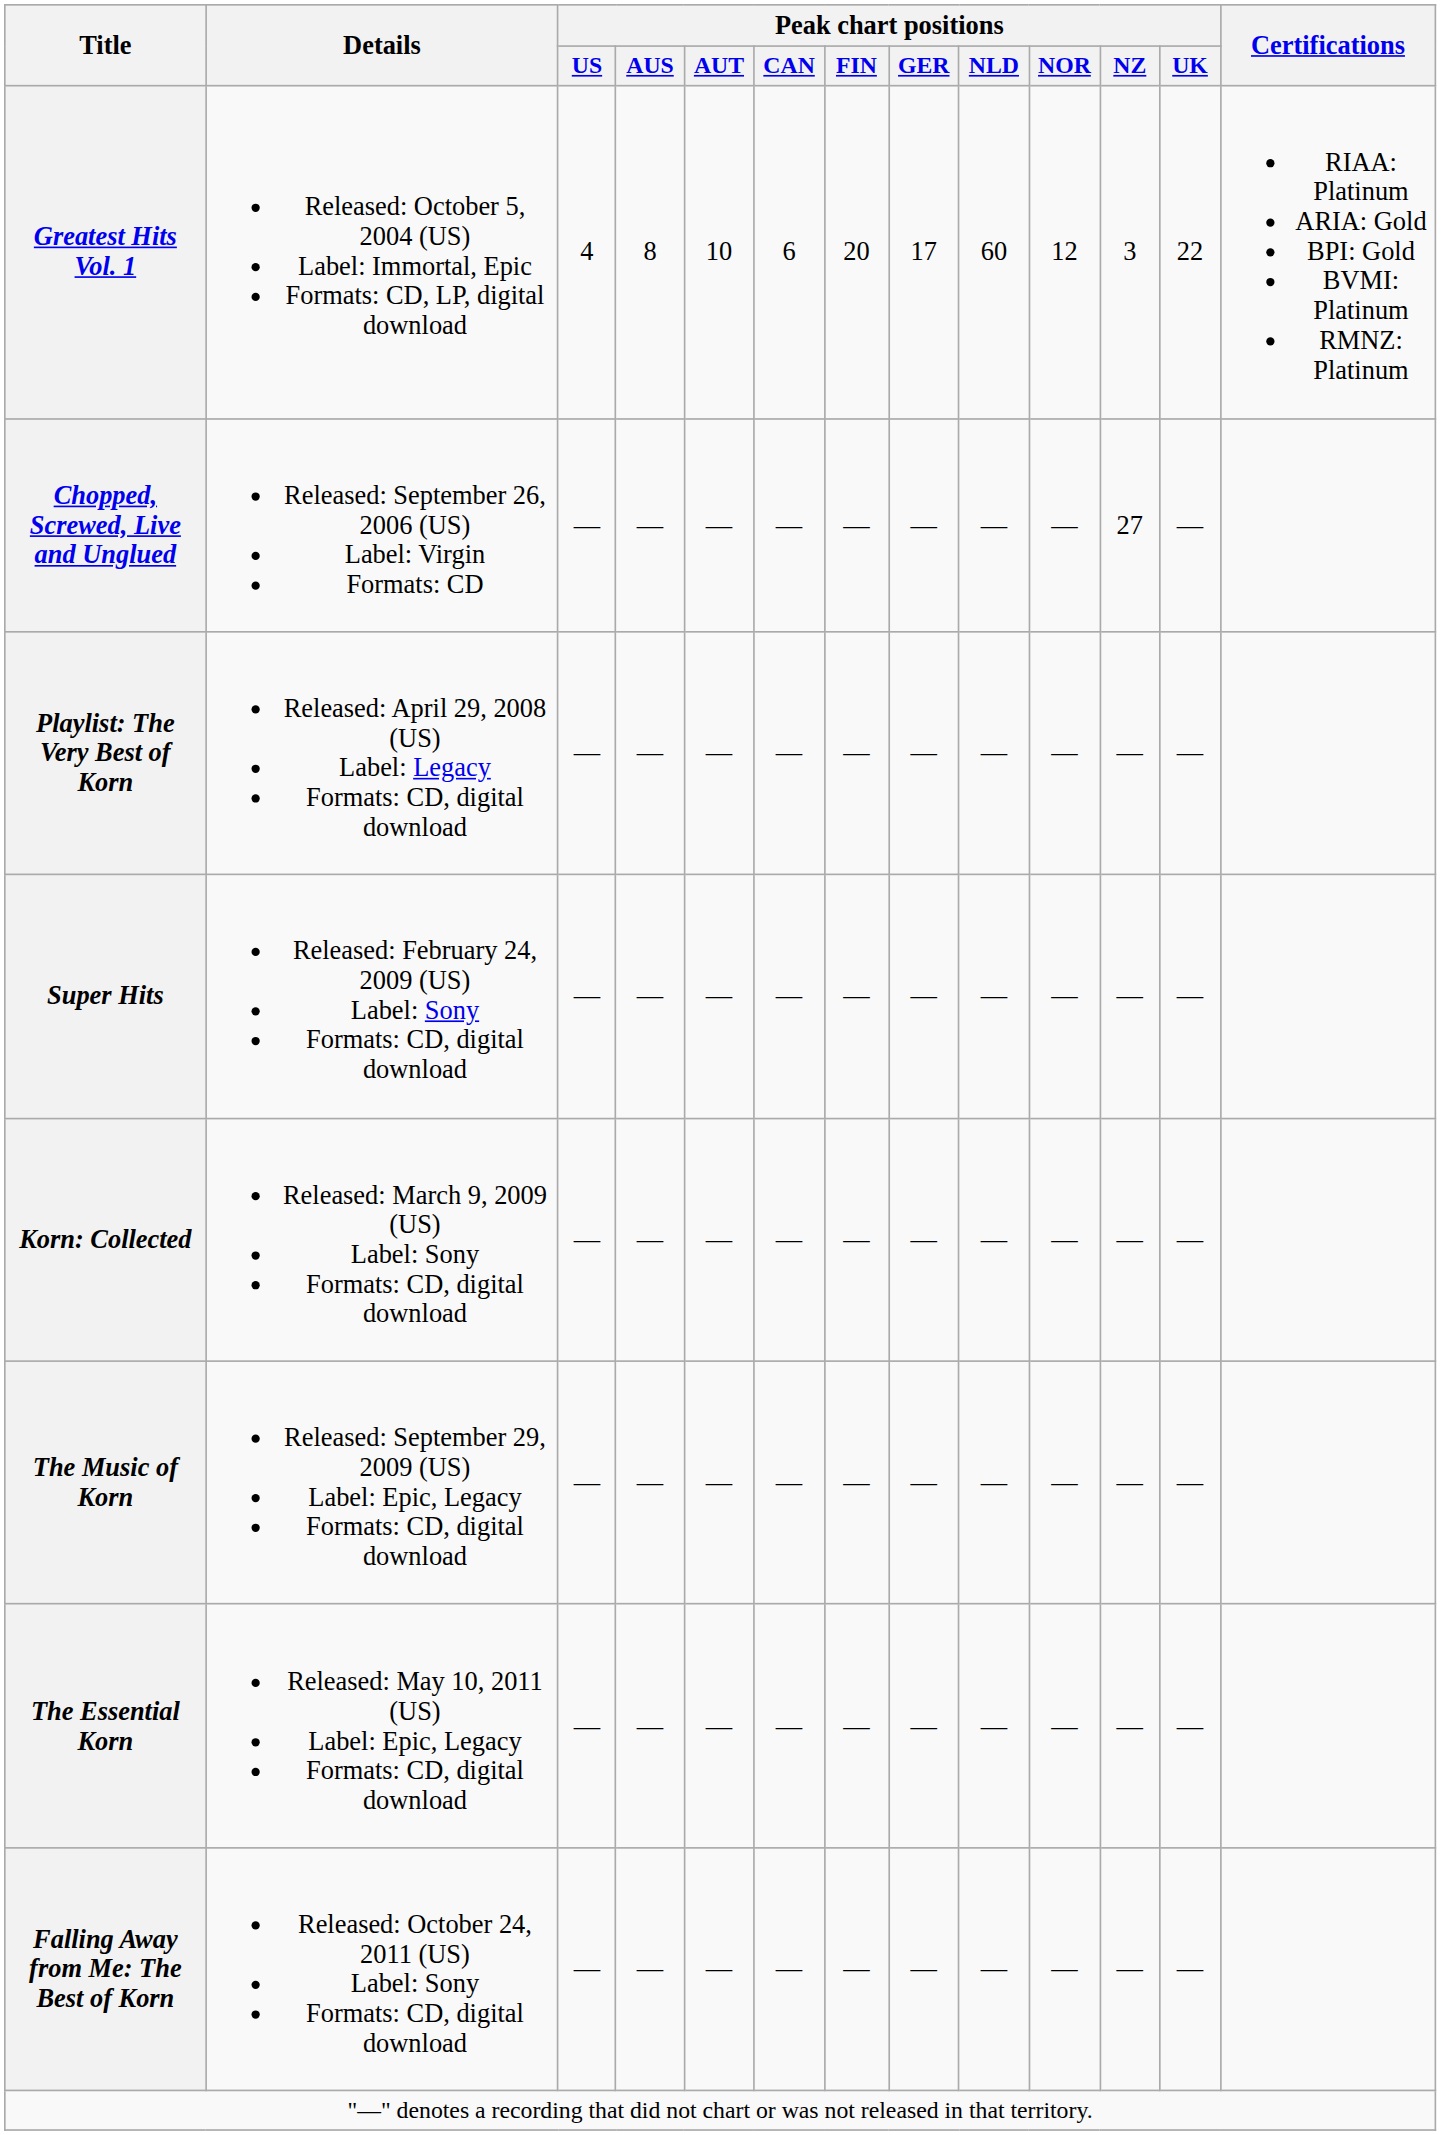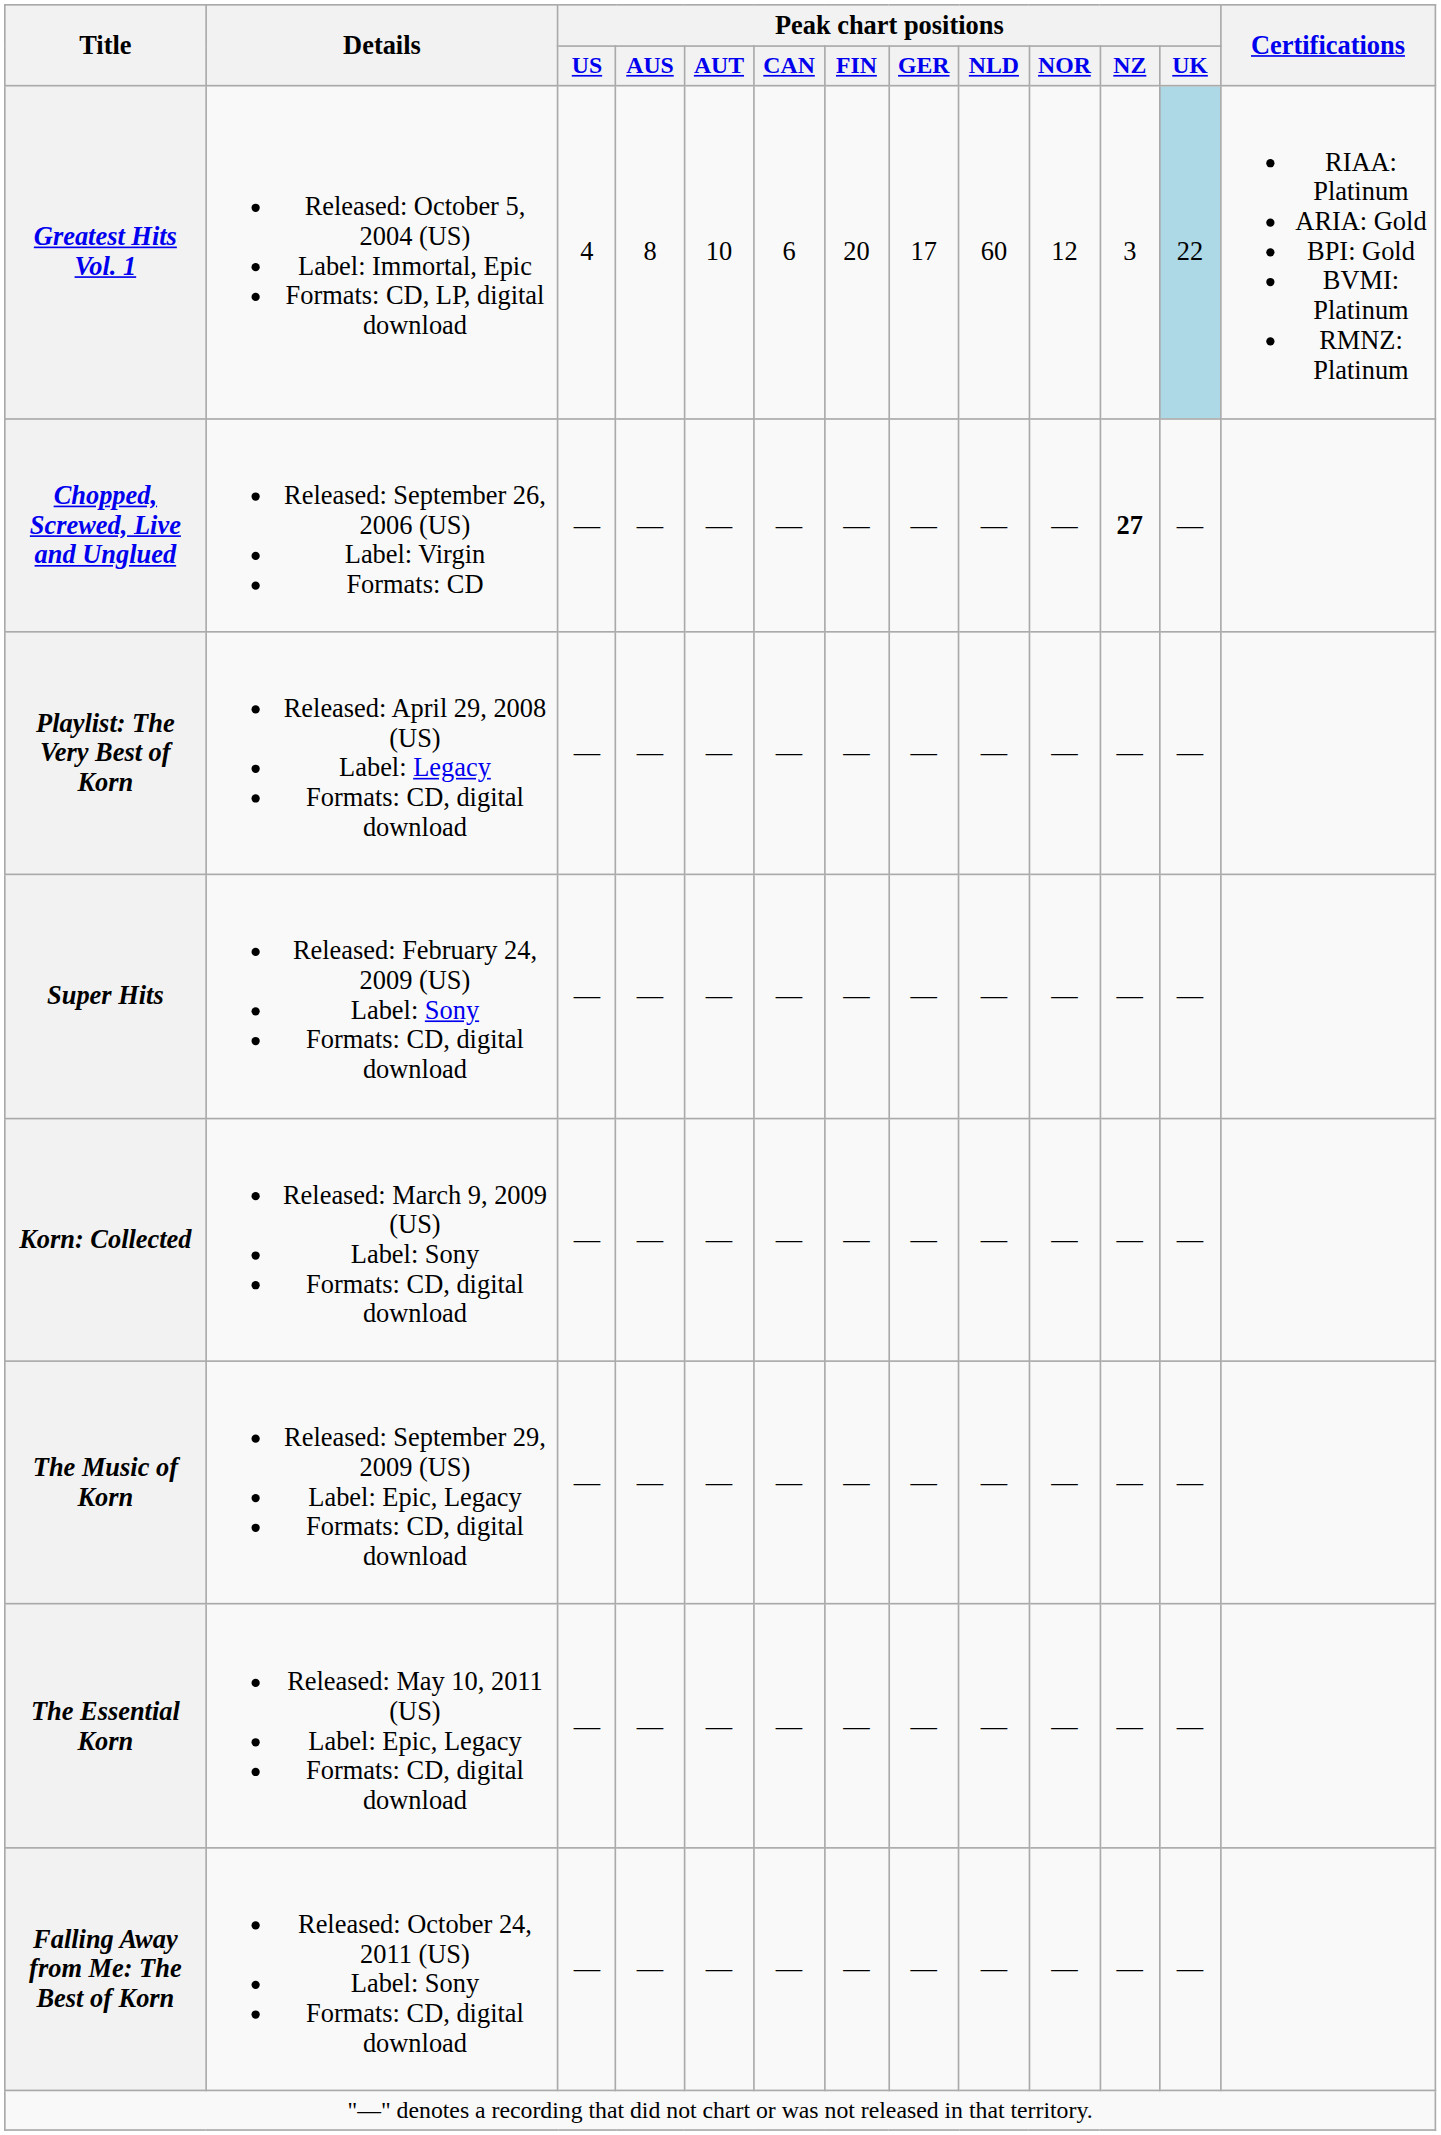 <table class="wikitable plainrowheaders" style="text-align:center;">
 <tr>
 <th scope="col" rowspan="2" style="width:12em;">Title</th>
 <th scope="col" rowspan="2" style="width:22em;">Details</th>
 <th scope="col" colspan="10">Peak chart positions</th>
 <th scope="col" rowspan="2" style="width:10em;"><a href='#'>Certifications</a></th>
 </tr>
 <tr>
 <th scope="col" style="width:3em;font-size:90%;"><a href='#'>US</a><br></th>
 <th scope="col" style="width:3em;font-size:90%;"><a href='#'>AUS</a><br></th>
 <th scope="col" style="width:3em;font-size:90%;"><a href='#'>AUT</a><br></th>
 <th scope="col" style="width:3em;font-size:90%;"><a href='#'>CAN</a><br></th>
 <th scope="col" style="width:3em;font-size:90%;"><a href='#'>FIN</a><br></th>
 <th scope="col" style="width:3em;font-size:90%;"><a href='#'>GER</a><br></th>
 <th scope="col" style="width:3em;font-size:90%;"><a href='#'>NLD</a><br></th>
 <th scope="col" style="width:3em;font-size:90%;"><a href='#'>NOR</a><br></th>
 <th scope="col" style="width:3em;font-size:90%;"><a href='#'>NZ</a><br></th>
 <th scope="col" style="width:3em;font-size:90%;"><a href='#'>UK</a><br></th>
 </tr>
 <tr>
 <th scope="row"><em><a href='#'>Greatest Hits Vol. 1</a></em></th>
 <td><br><ul><li>Released: October 5, 2004 <span>(US)</span></li><li>Label: Immortal, Epic</li><li>Formats: CD, LP, digital download</li></ul></td>
 <td>4</td>
 <td>8</td>
 <td>10</td>
 <td>6</td>
 <td>20</td>
 <td>17</td>
 <td>60</td>
 <td>12</td>
 <td>3</td>
-<td>22</td>
+<td style="background: lightblue;">22</td>
 <td><br><ul><li>RIAA: Platinum</li><li>ARIA: Gold</li><li>BPI: Gold</li><li>BVMI: Platinum</li><li>RMNZ: Platinum</li></ul></td>
 </tr>
 <tr>
 <th scope="row"><em><a href='#'>Chopped, Screwed, Live and Unglued</a></em></th>
 <td><br><ul><li>Released: September 26, 2006 <span>(US)</span></li><li>Label: Virgin</li><li>Formats: CD</li></ul></td>
 <td>—</td>
 <td>—</td>
 <td>—</td>
 <td>—</td>
 <td>—</td>
 <td>—</td>
 <td>—</td>
 <td>—</td>
-<td>27</td>
+<td><strong>27</strong></td>
 <td>—</td>
 <td></td>
 </tr>
 <tr>
 <th scope="row"><em>Playlist: The Very Best of Korn</em></th>
 <td><br><ul><li>Released: April 29, 2008 <span>(US)</span></li><li>Label: <a href='#'>Legacy</a></li><li>Formats: CD, digital download</li></ul></td>
 <td>—</td>
 <td>—</td>
 <td>—</td>
 <td>—</td>
 <td>—</td>
 <td>—</td>
 <td>—</td>
 <td>—</td>
 <td>—</td>
 <td>—</td>
 <td></td>
 </tr>
 <tr>
 <th scope="row"><em>Super Hits</em></th>
 <td><br><ul><li>Released: February 24, 2009 <span>(US)</span></li><li>Label: <a href='#'>Sony</a></li><li>Formats: CD, digital download</li></ul></td>
 <td>—</td>
 <td>—</td>
 <td>—</td>
 <td>—</td>
 <td>—</td>
 <td>—</td>
 <td>—</td>
 <td>—</td>
 <td>—</td>
 <td>—</td>
 <td></td>
 </tr>
 <tr>
 <th scope="row"><em>Korn: Collected</em></th>
 <td><br><ul><li>Released: March 9, 2009 <span>(US)</span></li><li>Label: Sony</li><li>Formats: CD, digital download</li></ul></td>
 <td>—</td>
 <td>—</td>
 <td>—</td>
 <td>—</td>
 <td>—</td>
 <td>—</td>
 <td>—</td>
 <td>—</td>
 <td>—</td>
 <td>—</td>
 <td></td>
 </tr>
 <tr>
 <th scope="row"><em>The Music of Korn</em></th>
 <td><br><ul><li>Released: September 29, 2009 <span>(US)</span></li><li>Label: Epic, Legacy</li><li>Formats: CD, digital download</li></ul></td>
 <td>—</td>
 <td>—</td>
 <td>—</td>
 <td>—</td>
 <td>—</td>
 <td>—</td>
 <td>—</td>
 <td>—</td>
 <td>—</td>
 <td>—</td>
 <td></td>
 </tr>
 <tr>
 <th scope="row"><em>The Essential Korn</em></th>
 <td><br><ul><li>Released: May 10, 2011 <span>(US)</span></li><li>Label: Epic, Legacy</li><li>Formats: CD, digital download</li></ul></td>
 <td>—</td>
 <td>—</td>
 <td>—</td>
 <td>—</td>
 <td>—</td>
 <td>—</td>
 <td>—</td>
 <td>—</td>
 <td>—</td>
 <td>—</td>
 <td></td>
 </tr>
 <tr>
 <th scope="row"><em>Falling Away from Me: The Best of Korn</em></th>
 <td><br><ul><li>Released: October 24, 2011 <span>(US)</span></li><li>Label: Sony</li><li>Formats: CD, digital download</li></ul></td>
 <td>—</td>
 <td>—</td>
 <td>—</td>
 <td>—</td>
 <td>—</td>
 <td>—</td>
 <td>—</td>
 <td>—</td>
 <td>—</td>
 <td>—</td>
 <td></td>
 </tr>
 <tr>
 <td colspan="15" style="font-size:90%">"—" denotes a recording that did not chart or was not released in that territory.</td>
 </tr>
 </table>
